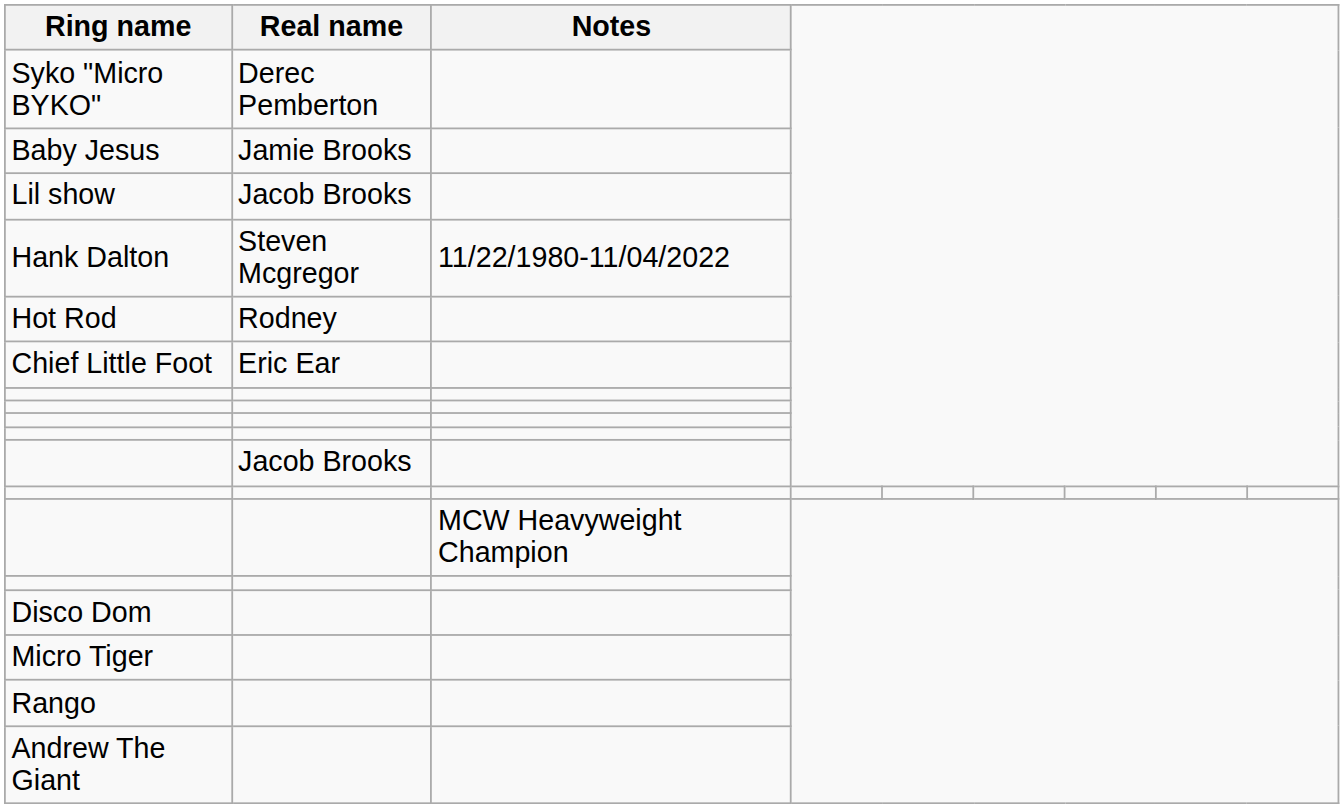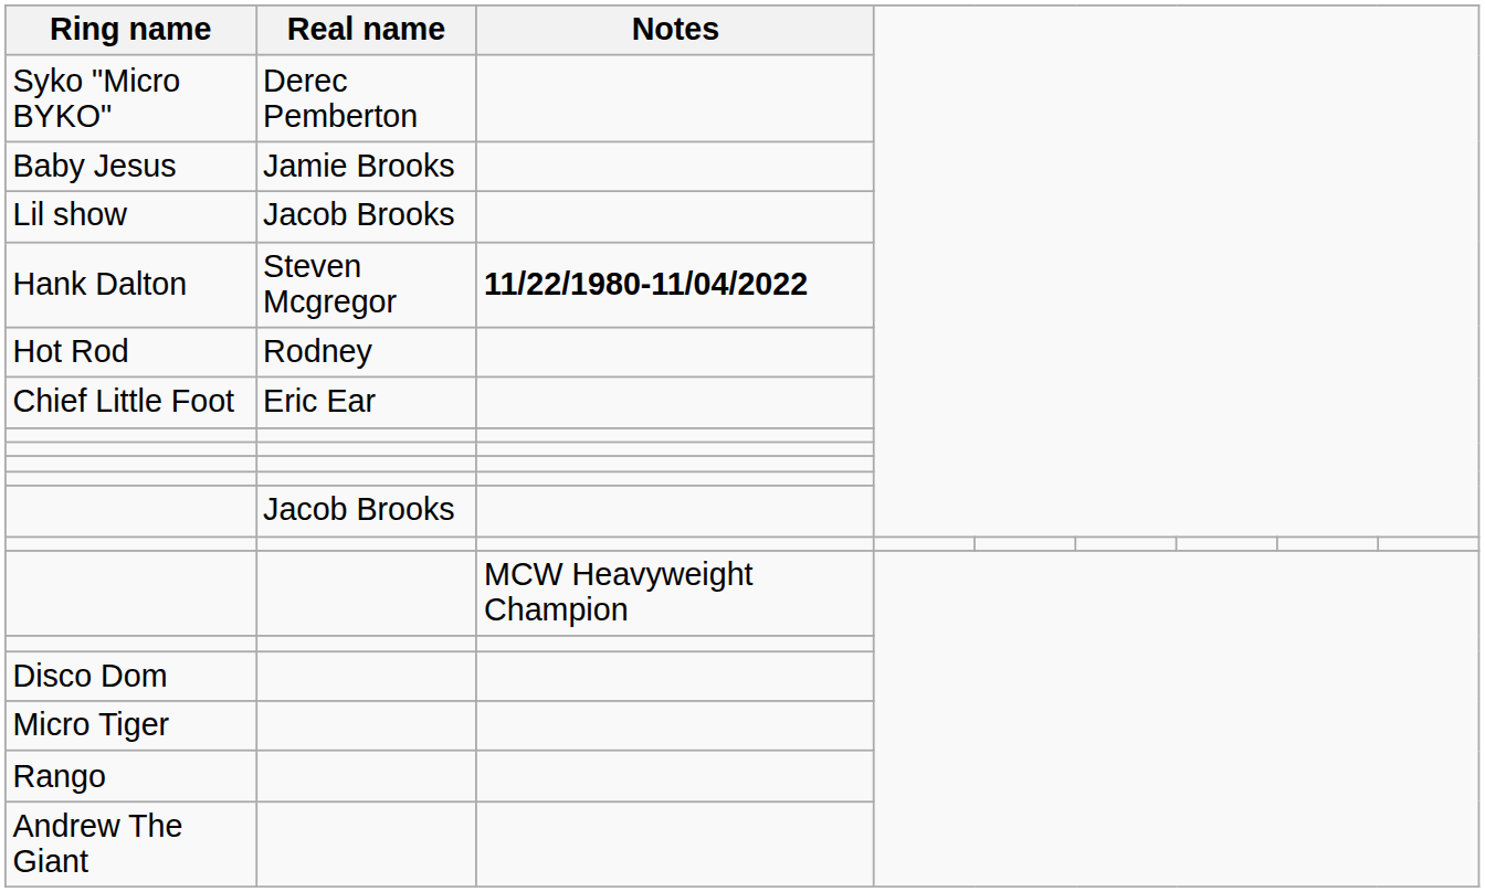 <table class="wikitable sortable" align="left center" style="width:59%;">
 <tr>
 <th style="width:17%;">Ring name</th>
 <th style="width:15%;">Real name</th>
 <th style="width:27%;">Notes</th>
 </tr>
 <tr>
 <td>Syko "Micro BYKO"</td>
 <td>Derec Pemberton</td>
 <td></td>
 </tr>
 <tr>
 <td>Baby Jesus</td>
 <td>Jamie Brooks</td>
 <td></td>
 </tr>
 <tr>
 <td>Lil show</td>
 <td>Jacob Brooks</td>
 <td></td>
 </tr>
 <tr>
 <td>Hank Dalton</td>
 <td>Steven Mcgregor</td>
-<td>11/22/1980-11/04/2022</td>
+<td><strong>11/22/1980-11/04/2022</strong></td>
 </tr>
 <tr>
 <td>Hot Rod</td>
 <td>Rodney</td>
 <td></td>
 </tr>
 <tr>
 <td>Chief Little Foot</td>
 <td>Eric Ear</td>
 <td></td>
 </tr>
 <tr>
 <td></td>
 <td></td>
 <td></td>
 </tr>
 <tr>
 <td></td>
 <td></td>
 <td></td>
 </tr>
 <tr>
 <td></td>
 <td></td>
 <td></td>
 </tr>
 <tr>
 <td></td>
 <td></td>
 <td></td>
 </tr>
 <tr>
 <td></td>
 <td>Jacob Brooks</td>
 <td></td>
 </tr>
 <tr>
 <td></td>
 <td></td>
 <td></td>
 <td></td>
 <td></td>
 <td></td>
 <td></td>
 <td></td>
 <td></td>
 </tr>
 <tr>
 <td></td>
 <td></td>
 <td>MCW Heavyweight Champion</td>
 </tr>
 <tr>
 <td></td>
 <td></td>
 <td></td>
 </tr>
 <tr>
 <td>Disco Dom</td>
 <td></td>
 <td></td>
 </tr>
 <tr>
 <td>Micro Tiger</td>
 <td></td>
 <td></td>
 </tr>
 <tr>
 <td>Rango</td>
 <td></td>
 <td></td>
 </tr>
 <tr>
 <td>Andrew The Giant</td>
 <td></td>
 <td></td>
 </tr>
 </table>
